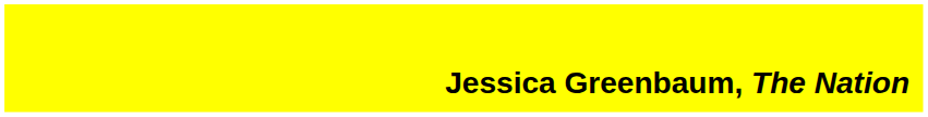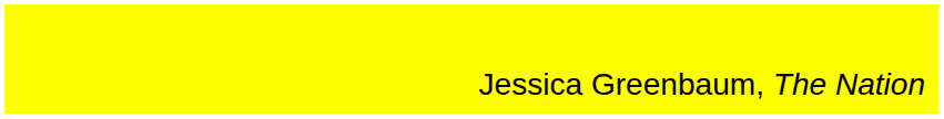 <table class="toccolours" style="float: right; margin-left: 2em; margin-right: 1em; font-size: 90%; background: yellow; width:30em; max-width: 40%;" cellspacing="5">
 <tr>
 <td style="text-align: left;"><br></td>
 </tr>
 <tr>
-<td style="text-align: right;"><strong>Jessica Greenbaum, <em>The Nation</em></strong></td>
+<td style="text-align: right;">Jessica Greenbaum, <em>The Nation</em></td>
 </tr>
 </table>
